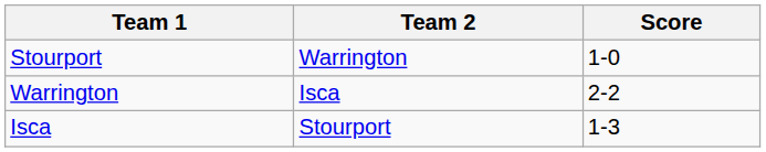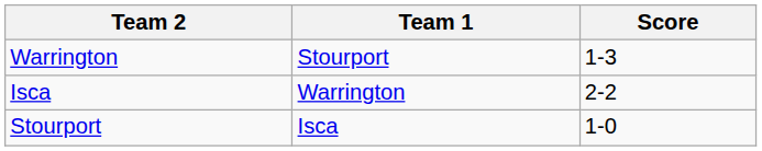 <table class="wikitable" style="font-size: 100%">
 <tr>
+<th width=200>Team 2</th>
 <th width=200>Team 1</th>
-<th width=200>Team 2</th>
 <th width=120>Score</th>
 </tr>
 <tr>
+<td><a href='#'>Warrington</a></td>
 <td><a href='#'>Stourport</a></td>
-<td><a href='#'>Warrington</a></td>
-<td>1-0</td>
+<td>1-3</td>
 </tr>
 <tr>
+<td><a href='#'>Isca</a></td>
 <td><a href='#'>Warrington</a></td>
-<td><a href='#'>Isca</a></td>
 <td>2-2</td>
 </tr>
 <tr>
+<td><a href='#'>Stourport</a></td>
 <td><a href='#'>Isca</a></td>
-<td><a href='#'>Stourport</a></td>
-<td>1-3</td>
+<td>1-0</td>
 </tr>
 </table>
